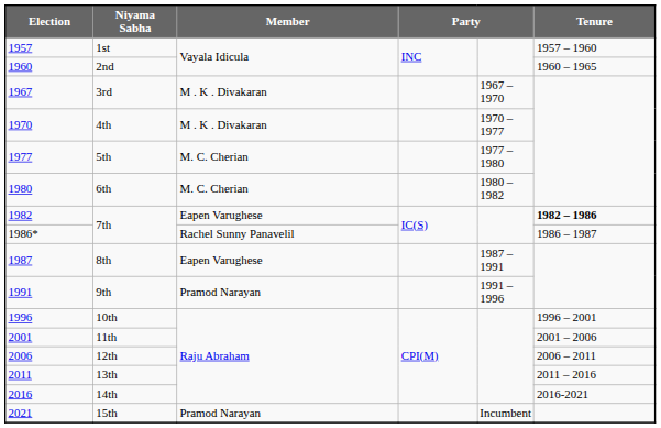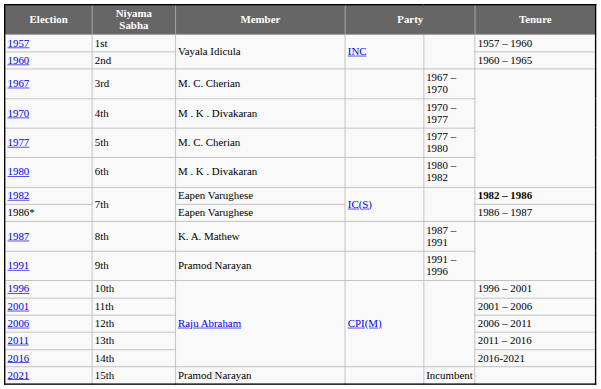 <table class="wikitable sortable" width="55%" cellpadding="2" cellspacing="0" border="1" style="border-collapse: collapse; border: 2px #000000 solid; font-size: x-big">
 <tr>
 <th style="background-color:#666666; color:white">Election</th>
 <th style="background-color:#666666; color:white">Niyama<br>Sabha</th>
 <th style="background-color:#666666; color:white">Member</th>
 <th style="background-color:#666666; color:white" colspan="2">Party</th>
 <th style="background-color:#666666; color:white">Tenure</th>
 </tr>
 <tr>
 <td><a href='#'>1957</a></td>
 <td>1st</td>
 <td rowspan="2">Vayala Idicula</td>
 <td rowspan="2"><a href='#'>INC</a></td>
 <td rowspan="2" width="4px" style="background-color: "></td>
 <td>1957 – 1960</td>
 </tr>
 <tr>
 <td><a href='#'>1960</a></td>
 <td>2nd</td>
 <td>1960 – 1965</td>
 </tr>
 <tr>
 <td><a href='#'>1967</a></td>
 <td>3rd</td>
-<td>M . K . Divakaran</td>
+<td>M. C. Cherian</td>
 <td></td>
 <td>1967 – 1970</td>
 </tr>
 <tr>
 <td><a href='#'>1970</a></td>
 <td>4th</td>
 <td>M . K . Divakaran</td>
 <td></td>
 <td>1970 – 1977</td>
 </tr>
 <tr>
 <td><a href='#'>1977</a></td>
 <td>5th</td>
 <td>M. C. Cherian</td>
 <td></td>
 <td>1977 – 1980</td>
 </tr>
 <tr>
 <td><a href='#'>1980</a></td>
 <td>6th</td>
-<td>M. C. Cherian</td>
+<td>M . K . Divakaran</td>
 <td></td>
 <td>1980 – 1982</td>
 </tr>
 <tr>
 <td><a href='#'>1982</a></td>
 <td rowspan="2">7th</td>
 <td>Eapen Varughese</td>
 <td rowspan="2"><a href='#'>IC(S)</a></td>
 <td rowspan="2" width="4px" style="background-color: "></td>
 <td><strong>1982 – 1986</strong></td>
 </tr>
 <tr>
 <td>1986*</td>
-<td>Rachel Sunny Panavelil</td>
+<td>Eapen Varughese</td>
 <td>1986 – 1987</td>
 </tr>
 <tr>
 <td><a href='#'>1987</a></td>
 <td>8th</td>
-<td>Eapen Varughese</td>
+<td>K. A. Mathew</td>
 <td></td>
 <td>1987 – 1991</td>
 </tr>
 <tr>
 <td><a href='#'>1991</a></td>
 <td>9th</td>
 <td>Pramod Narayan</td>
 <td></td>
 <td>1991 – 1996</td>
 </tr>
 <tr>
 <td><a href='#'>1996</a></td>
 <td>10th</td>
 <td rowspan="5"><a href='#'>Raju Abraham</a></td>
 <td rowspan="5"><a href='#'>CPI(M)</a></td>
 <td rowspan="5" width="4px" style="background-color: "></td>
 <td>1996 – 2001</td>
 </tr>
 <tr>
 <td><a href='#'>2001</a></td>
 <td>11th</td>
 <td>2001 – 2006</td>
 </tr>
 <tr>
 <td><a href='#'>2006</a></td>
 <td>12th</td>
 <td>2006 – 2011</td>
 </tr>
 <tr>
 <td><a href='#'>2011</a></td>
 <td>13th</td>
 <td>2011 – 2016</td>
 </tr>
 <tr>
 <td><a href='#'>2016</a></td>
 <td>14th</td>
 <td>2016-2021</td>
 </tr>
 <tr>
 <td><a href='#'>2021</a></td>
 <td>15th</td>
 <td>Pramod Narayan</td>
 <td></td>
 <td>Incumbent</td>
 </tr>
 </table>
